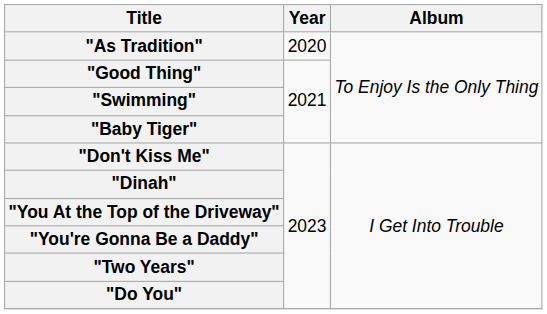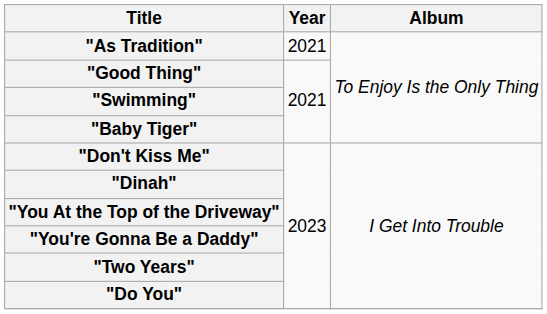 <table class="wikitable plainrowheaders" style="text-align:center">
 <tr>
 <th>Title</th>
 <th>Year</th>
 <th>Album</th>
 </tr>
 <tr>
 <th scope="row">"As Tradition"</th>
-<td>2020</td>
+<td>2021</td>
 <td rowspan="4"><em>To Enjoy Is the Only Thing</em></td>
 </tr>
 <tr>
 <th scope="row">"Good Thing"</th>
 <td rowspan="3">2021</td>
 </tr>
 <tr>
 <th scope="row">"Swimming"</th>
 </tr>
 <tr>
 <th scope="row">"Baby Tiger"</th>
 </tr>
 <tr>
 <th scope="row">"Don't Kiss Me"</th>
 <td rowspan="6">2023</td>
 <td rowspan="6"><em>I Get Into Trouble</em></td>
 </tr>
 <tr>
 <th scope="row">"Dinah"</th>
 </tr>
 <tr>
 <th scope="row">"You At the Top of the Driveway"</th>
 </tr>
 <tr>
 <th scope="row">"You're Gonna Be a Daddy"</th>
 </tr>
 <tr>
 <th scope="row">"Two Years"</th>
 </tr>
 <tr>
 <th scope="row">"Do You"</th>
 </tr>
 <tr>
 </tr>
 </table>
